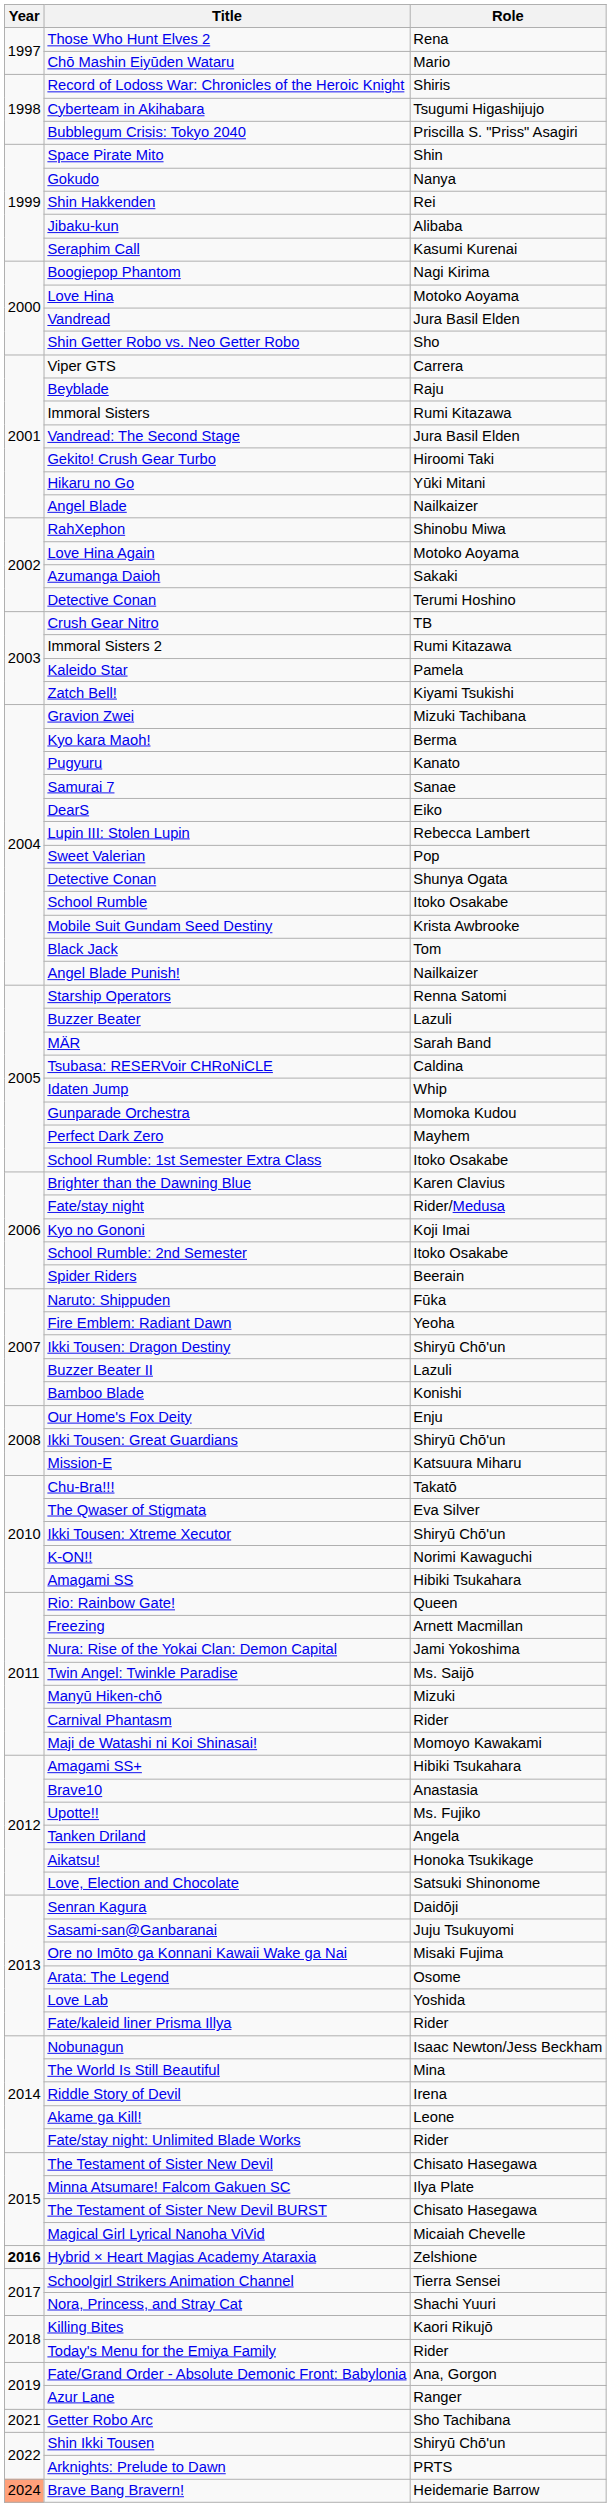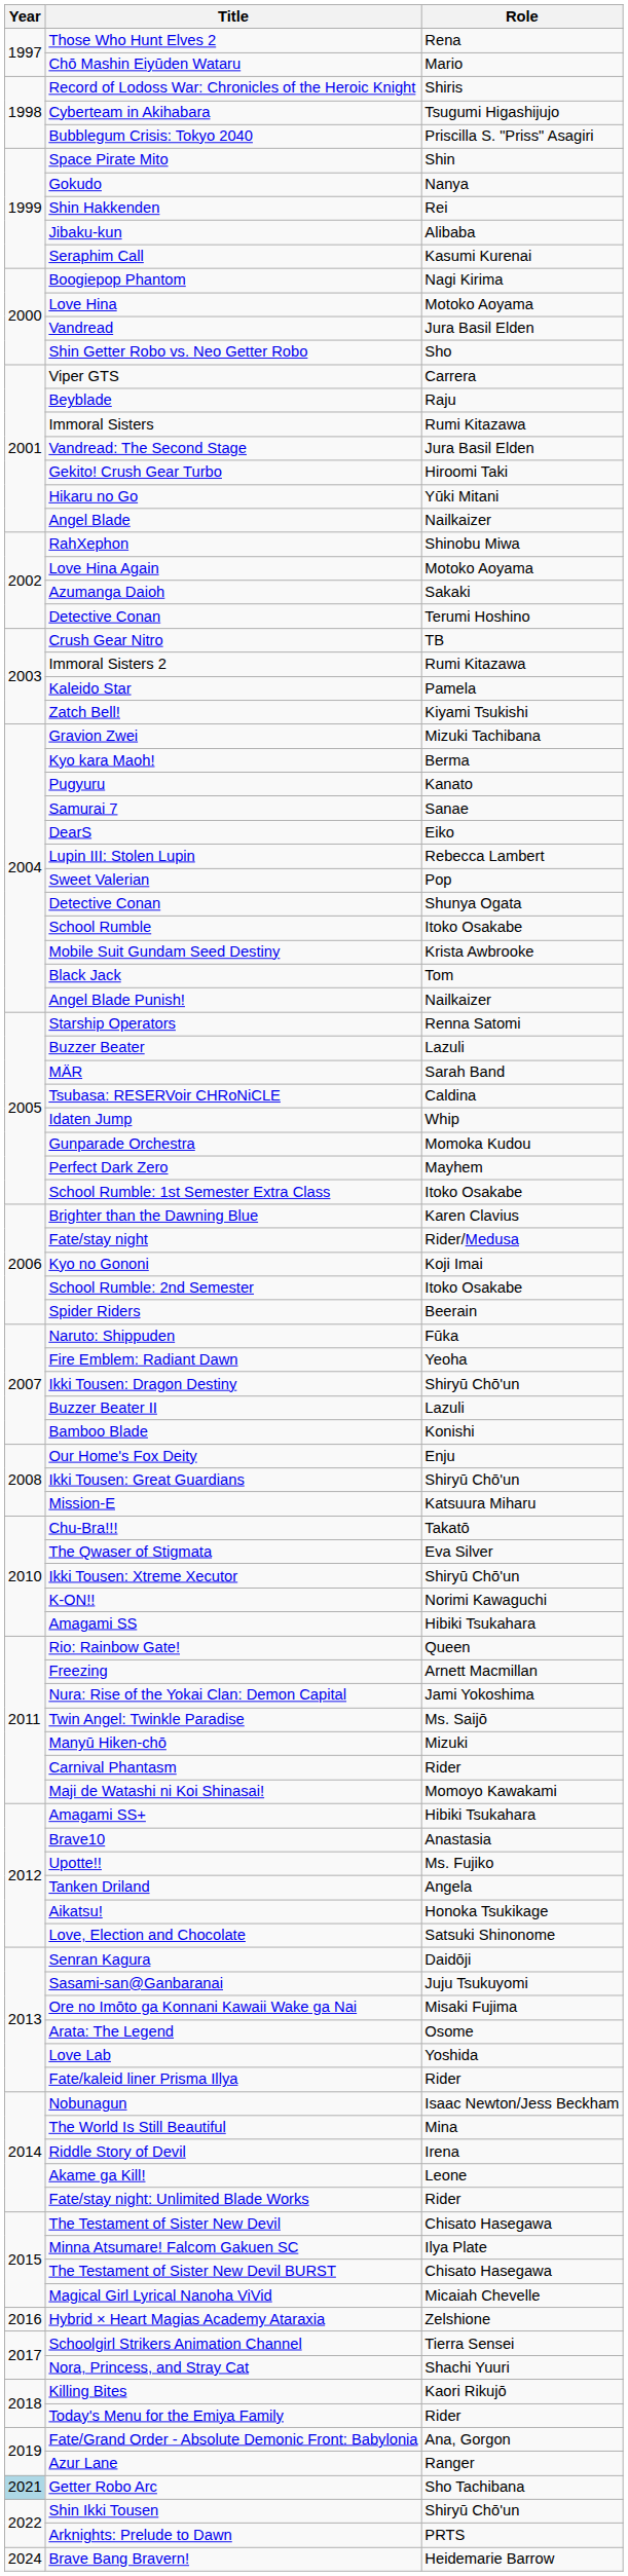 <table class="wikitable">
 <tr>
 <th>Year</th>
 <th>Title</th>
 <th>Role</th>
 </tr>
 <tr>
 <td rowspan="2">1997</td>
 <td><a href='#'>Those Who Hunt Elves 2</a></td>
 <td>Rena</td>
 </tr>
 <tr>
 <td><a href='#'>Chō Mashin Eiyūden Wataru</a></td>
 <td>Mario</td>
 </tr>
 <tr>
 <td rowspan="3">1998</td>
 <td><a href='#'>Record of Lodoss War: Chronicles of the Heroic Knight</a></td>
 <td>Shiris</td>
 </tr>
 <tr>
 <td><a href='#'>Cyberteam in Akihabara</a></td>
 <td>Tsugumi Higashijujo</td>
 </tr>
 <tr>
 <td><a href='#'>Bubblegum Crisis: Tokyo 2040</a></td>
 <td>Priscilla S. "Priss" Asagiri</td>
 </tr>
 <tr>
 <td rowspan="5">1999</td>
 <td><a href='#'>Space Pirate Mito</a></td>
 <td>Shin</td>
 </tr>
 <tr>
 <td><a href='#'>Gokudo</a></td>
 <td>Nanya</td>
 </tr>
 <tr>
 <td><a href='#'>Shin Hakkenden</a></td>
 <td>Rei</td>
 </tr>
 <tr>
 <td><a href='#'>Jibaku-kun</a></td>
 <td>Alibaba</td>
 </tr>
 <tr>
 <td><a href='#'>Seraphim Call</a></td>
 <td>Kasumi Kurenai</td>
 </tr>
 <tr>
 <td rowspan="4">2000</td>
 <td><a href='#'>Boogiepop Phantom</a></td>
 <td>Nagi Kirima</td>
 </tr>
 <tr>
 <td><a href='#'>Love Hina</a></td>
 <td>Motoko Aoyama</td>
 </tr>
 <tr>
 <td><a href='#'>Vandread</a></td>
 <td>Jura Basil Elden</td>
 </tr>
 <tr>
 <td><a href='#'>Shin Getter Robo vs. Neo Getter Robo</a></td>
 <td>Sho</td>
 </tr>
 <tr>
 <td rowspan="7">2001</td>
 <td>Viper GTS</td>
 <td>Carrera</td>
 </tr>
 <tr>
 <td><a href='#'>Beyblade</a></td>
 <td>Raju</td>
 </tr>
 <tr>
 <td>Immoral Sisters</td>
 <td>Rumi Kitazawa</td>
 </tr>
 <tr>
 <td><a href='#'>Vandread: The Second Stage</a></td>
 <td>Jura Basil Elden</td>
 </tr>
 <tr>
 <td><a href='#'>Gekito! Crush Gear Turbo</a></td>
 <td>Hiroomi Taki</td>
 </tr>
 <tr>
 <td><a href='#'>Hikaru no Go</a></td>
 <td>Yūki Mitani</td>
 </tr>
 <tr>
 <td><a href='#'>Angel Blade</a></td>
 <td>Nailkaizer</td>
 </tr>
 <tr>
 <td rowspan="4">2002</td>
 <td><a href='#'>RahXephon</a></td>
 <td>Shinobu Miwa</td>
 </tr>
 <tr>
 <td><a href='#'>Love Hina Again</a></td>
 <td>Motoko Aoyama</td>
 </tr>
 <tr>
 <td><a href='#'>Azumanga Daioh</a></td>
 <td>Sakaki</td>
 </tr>
 <tr>
 <td><a href='#'>Detective Conan</a></td>
 <td>Terumi Hoshino</td>
 </tr>
 <tr>
 <td rowspan="4">2003</td>
 <td><a href='#'>Crush Gear Nitro</a></td>
 <td>TB</td>
 </tr>
 <tr>
 <td>Immoral Sisters 2</td>
 <td>Rumi Kitazawa</td>
 </tr>
 <tr>
 <td><a href='#'>Kaleido Star</a></td>
 <td>Pamela</td>
 </tr>
 <tr>
 <td><a href='#'>Zatch Bell!</a></td>
 <td>Kiyami Tsukishi</td>
 </tr>
 <tr>
 <td rowspan="12">2004</td>
 <td><a href='#'>Gravion Zwei</a></td>
 <td>Mizuki Tachibana</td>
 </tr>
 <tr>
 <td><a href='#'>Kyo kara Maoh!</a></td>
 <td>Berma</td>
 </tr>
 <tr>
 <td><a href='#'>Pugyuru</a></td>
 <td>Kanato</td>
 </tr>
 <tr>
 <td><a href='#'>Samurai 7</a></td>
 <td>Sanae</td>
 </tr>
 <tr>
 <td><a href='#'>DearS</a></td>
 <td>Eiko</td>
 </tr>
 <tr>
 <td><a href='#'>Lupin III: Stolen Lupin</a></td>
 <td>Rebecca Lambert</td>
 </tr>
 <tr>
 <td><a href='#'>Sweet Valerian</a></td>
 <td>Pop</td>
 </tr>
 <tr>
 <td><a href='#'>Detective Conan</a></td>
 <td>Shunya Ogata</td>
 </tr>
 <tr>
 <td><a href='#'>School Rumble</a></td>
 <td>Itoko Osakabe</td>
 </tr>
 <tr>
 <td><a href='#'>Mobile Suit Gundam Seed Destiny</a></td>
 <td>Krista Awbrooke</td>
 </tr>
 <tr>
 <td><a href='#'>Black Jack</a></td>
 <td>Tom</td>
 </tr>
 <tr>
 <td><a href='#'>Angel Blade Punish!</a></td>
 <td>Nailkaizer</td>
 </tr>
 <tr>
 <td rowspan="8">2005</td>
 <td><a href='#'>Starship Operators</a></td>
 <td>Renna Satomi</td>
 </tr>
 <tr>
 <td><a href='#'>Buzzer Beater</a></td>
 <td>Lazuli</td>
 </tr>
 <tr>
 <td><a href='#'>MÄR</a></td>
 <td>Sarah Band</td>
 </tr>
 <tr>
 <td><a href='#'>Tsubasa: RESERVoir CHRoNiCLE</a></td>
 <td>Caldina</td>
 </tr>
 <tr>
 <td><a href='#'>Idaten Jump</a></td>
 <td>Whip</td>
 </tr>
 <tr>
 <td><a href='#'>Gunparade Orchestra</a></td>
 <td>Momoka Kudou</td>
 </tr>
 <tr>
 <td><a href='#'>Perfect Dark Zero</a></td>
 <td>Mayhem</td>
 </tr>
 <tr>
 <td><a href='#'>School Rumble: 1st Semester Extra Class</a></td>
 <td>Itoko Osakabe</td>
 </tr>
 <tr>
 <td rowspan="5">2006</td>
 <td><a href='#'>Brighter than the Dawning Blue</a></td>
 <td>Karen Clavius</td>
 </tr>
 <tr>
 <td><a href='#'>Fate/stay night</a></td>
 <td>Rider/<a href='#'>Medusa</a></td>
 </tr>
 <tr>
 <td><a href='#'>Kyo no Gononi</a></td>
 <td>Koji Imai</td>
 </tr>
 <tr>
 <td><a href='#'>School Rumble: 2nd Semester</a></td>
 <td>Itoko Osakabe</td>
 </tr>
 <tr>
 <td><a href='#'>Spider Riders</a></td>
 <td>Beerain</td>
 </tr>
 <tr>
 <td rowspan="5">2007</td>
 <td><a href='#'>Naruto: Shippuden</a></td>
 <td>Fūka</td>
 </tr>
 <tr>
 <td><a href='#'>Fire Emblem: Radiant Dawn</a></td>
 <td>Yeoha</td>
 </tr>
 <tr>
 <td><a href='#'>Ikki Tousen: Dragon Destiny</a></td>
 <td>Shiryū Chō'un</td>
 </tr>
 <tr>
 <td><a href='#'>Buzzer Beater II</a></td>
 <td>Lazuli</td>
 </tr>
 <tr>
 <td><a href='#'>Bamboo Blade</a></td>
 <td>Konishi</td>
 </tr>
 <tr>
 <td rowspan="3">2008</td>
 <td><a href='#'>Our Home's Fox Deity</a></td>
 <td>Enju</td>
 </tr>
 <tr>
 <td><a href='#'>Ikki Tousen: Great Guardians</a></td>
 <td>Shiryū Chō'un</td>
 </tr>
 <tr>
 <td><a href='#'>Mission-E</a></td>
 <td>Katsuura Miharu</td>
 </tr>
 <tr>
 <td rowspan="5">2010</td>
 <td><a href='#'>Chu-Bra!!!</a></td>
 <td>Takatō</td>
 </tr>
 <tr>
 <td><a href='#'>The Qwaser of Stigmata</a></td>
 <td>Eva Silver</td>
 </tr>
 <tr>
 <td><a href='#'>Ikki Tousen: Xtreme Xecutor</a></td>
 <td>Shiryū Chō'un</td>
 </tr>
 <tr>
 <td><a href='#'>K-ON!!</a></td>
 <td>Norimi Kawaguchi</td>
 </tr>
 <tr>
 <td><a href='#'>Amagami SS</a></td>
 <td>Hibiki Tsukahara</td>
 </tr>
 <tr>
 <td rowspan="7">2011</td>
 <td><a href='#'>Rio: Rainbow Gate!</a></td>
 <td>Queen</td>
 </tr>
 <tr>
 <td><a href='#'>Freezing</a></td>
 <td>Arnett Macmillan</td>
 </tr>
 <tr>
 <td><a href='#'>Nura: Rise of the Yokai Clan: Demon Capital</a></td>
 <td>Jami Yokoshima</td>
 </tr>
 <tr>
 <td><a href='#'>Twin Angel: Twinkle Paradise</a></td>
 <td>Ms. Saijō</td>
 </tr>
 <tr>
 <td><a href='#'>Manyū Hiken-chō</a></td>
 <td>Mizuki</td>
 </tr>
 <tr>
 <td><a href='#'>Carnival Phantasm</a></td>
 <td>Rider</td>
 </tr>
 <tr>
 <td><a href='#'>Maji de Watashi ni Koi Shinasai!</a></td>
 <td>Momoyo Kawakami</td>
 </tr>
 <tr>
 <td rowspan="6">2012</td>
 <td><a href='#'>Amagami SS+</a></td>
 <td>Hibiki Tsukahara</td>
 </tr>
 <tr>
 <td><a href='#'>Brave10</a></td>
 <td>Anastasia</td>
 </tr>
 <tr>
 <td><a href='#'>Upotte!!</a></td>
 <td>Ms. Fujiko</td>
 </tr>
 <tr>
 <td><a href='#'>Tanken Driland</a></td>
 <td>Angela</td>
 </tr>
 <tr>
 <td><a href='#'>Aikatsu!</a></td>
 <td>Honoka Tsukikage</td>
 </tr>
 <tr>
 <td><a href='#'>Love, Election and Chocolate</a></td>
 <td>Satsuki Shinonome</td>
 </tr>
 <tr>
 <td rowspan="6">2013</td>
 <td><a href='#'>Senran Kagura</a></td>
 <td>Daidōji</td>
 </tr>
 <tr>
 <td><a href='#'>Sasami-san@Ganbaranai</a></td>
 <td>Juju Tsukuyomi</td>
 </tr>
 <tr>
 <td><a href='#'>Ore no Imōto ga Konnani Kawaii Wake ga Nai</a></td>
 <td>Misaki Fujima</td>
 </tr>
 <tr>
 <td><a href='#'>Arata: The Legend</a></td>
 <td>Osome</td>
 </tr>
 <tr>
 <td><a href='#'>Love Lab</a></td>
 <td>Yoshida</td>
 </tr>
 <tr>
 <td><a href='#'>Fate/kaleid liner Prisma Illya</a></td>
 <td>Rider</td>
 </tr>
 <tr>
 <td rowspan="5">2014</td>
 <td><a href='#'>Nobunagun</a></td>
 <td>Isaac Newton/Jess Beckham</td>
 </tr>
 <tr>
 <td><a href='#'>The World Is Still Beautiful</a></td>
 <td>Mina</td>
 </tr>
 <tr>
 <td><a href='#'>Riddle Story of Devil</a></td>
 <td>Irena</td>
 </tr>
 <tr>
 <td><a href='#'>Akame ga Kill!</a></td>
 <td>Leone</td>
 </tr>
 <tr>
 <td><a href='#'>Fate/stay night: Unlimited Blade Works</a></td>
 <td>Rider</td>
 </tr>
 <tr>
 <td rowspan="4">2015</td>
 <td><a href='#'>The Testament of Sister New Devil</a></td>
 <td>Chisato Hasegawa</td>
 </tr>
 <tr>
 <td><a href='#'>Minna Atsumare! Falcom Gakuen SC</a></td>
 <td>Ilya Plate</td>
 </tr>
 <tr>
 <td><a href='#'>The Testament of Sister New Devil BURST</a></td>
 <td>Chisato Hasegawa</td>
 </tr>
 <tr>
 <td><a href='#'>Magical Girl Lyrical Nanoha ViVid</a></td>
 <td>Micaiah Chevelle</td>
 </tr>
 <tr>
-<td><strong>2016</strong></td>
+<td>2016</td>
 <td><a href='#'>Hybrid × Heart Magias Academy Ataraxia</a></td>
 <td>Zelshione</td>
 </tr>
 <tr>
 <td rowspan="2">2017</td>
 <td><a href='#'>Schoolgirl Strikers Animation Channel</a></td>
 <td>Tierra Sensei</td>
 </tr>
 <tr>
 <td><a href='#'>Nora, Princess, and Stray Cat</a></td>
 <td>Shachi Yuuri</td>
 </tr>
 <tr>
 <td rowspan="2">2018</td>
 <td><a href='#'>Killing Bites</a></td>
 <td>Kaori Rikujō</td>
 </tr>
 <tr>
 <td><a href='#'>Today's Menu for the Emiya Family</a></td>
 <td>Rider</td>
 </tr>
 <tr>
 <td rowspan="2">2019</td>
 <td><a href='#'>Fate/Grand Order - Absolute Demonic Front: Babylonia</a></td>
 <td>Ana, Gorgon</td>
 </tr>
 <tr>
 <td><a href='#'>Azur Lane</a></td>
 <td>Ranger</td>
 </tr>
 <tr>
-<td>2021</td>
+<td style="background: lightblue;">2021</td>
 <td><a href='#'>Getter Robo Arc</a></td>
 <td>Sho Tachibana</td>
 </tr>
 <tr>
 <td rowspan="2">2022</td>
 <td><a href='#'>Shin Ikki Tousen</a></td>
 <td>Shiryū Chō'un</td>
 </tr>
 <tr>
 <td><a href='#'>Arknights: Prelude to Dawn</a></td>
 <td>PRTS</td>
 </tr>
 <tr>
-<td style="background: lightsalmon;">2024</td>
+<td>2024</td>
 <td><a href='#'>Brave Bang Bravern!</a></td>
 <td>Heidemarie Barrow</td>
 </tr>
 </table>
